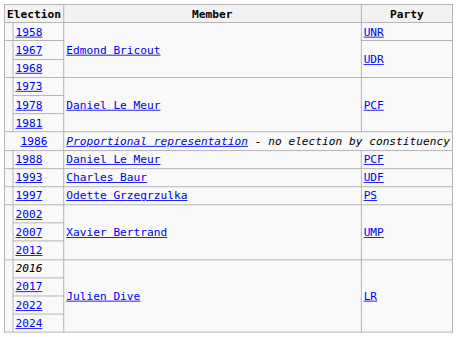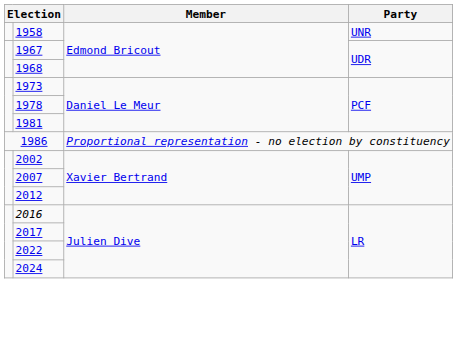 <table class="wikitable">
 <tr>
 <th colspan="2">Election</th>
 <th>Member</th>
 <th>Party</th>
 </tr>
 <tr>
 <td style="color:inherit;background-color: "></td>
 <td><a href='#'>1958</a></td>
 <td rowspan="3"><a href='#'>Edmond Bricout</a></td>
 <td><a href='#'>UNR</a></td>
 </tr>
 <tr>
 <td rowspan="2" style="color:inherit;background-color: "></td>
 <td><a href='#'>1967</a></td>
 <td rowspan="2"><a href='#'>UDR</a></td>
 </tr>
 <tr>
 <td><a href='#'>1968</a></td>
 </tr>
 <tr>
 <td rowspan="3" style="color:inherit;background-color: "></td>
 <td><a href='#'>1973</a></td>
 <td rowspan="3"><a href='#'>Daniel Le Meur</a></td>
 <td rowspan="3"><a href='#'>PCF</a></td>
 </tr>
 <tr>
 <td><a href='#'>1978</a></td>
 </tr>
 <tr>
 <td><a href='#'>1981</a></td>
 </tr>
 <tr>
 <td colspan="2" align="center"><a href='#'>1986</a></td>
 <td colspan="2"><em><a href='#'>Proportional representation</a> - no election by constituency</em></td>
 </tr>
 <tr>
-<td style="color:inherit;background-color: "></td>
-<td><a href='#'>1988</a></td>
-<td><a href='#'>Daniel Le Meur</a></td>
-<td><a href='#'>PCF</a></td>
-</tr>
-<tr>
-<td style="color:inherit;background-color: "></td>
-<td><a href='#'>1993</a></td>
-<td><a href='#'>Charles Baur</a></td>
-<td><a href='#'>UDF</a></td>
-</tr>
-<tr>
-<td style="color:inherit;background-color: "></td>
-<td><a href='#'>1997</a></td>
-<td><a href='#'>Odette Grzegrzulka</a></td>
-<td><a href='#'>PS</a></td>
-</tr>
-<tr>
 <td rowspan="3" style="color:inherit;background-color: "></td>
 <td><a href='#'>2002</a></td>
 <td rowspan="3"><a href='#'>Xavier Bertrand</a></td>
 <td rowspan="3"><a href='#'>UMP</a></td>
 </tr>
 <tr>
 <td><a href='#'>2007</a></td>
 </tr>
 <tr>
 <td><a href='#'>2012</a></td>
 </tr>
 <tr>
 <td rowspan="4" style="color:inherit;background-color: "></td>
 <td><em>2016</em></td>
 <td rowspan="4"><a href='#'>Julien Dive</a></td>
 <td rowspan="4"><a href='#'>LR</a></td>
 </tr>
 <tr>
 <td><a href='#'>2017</a></td>
 </tr>
 <tr>
 <td><a href='#'>2022</a></td>
 </tr>
 <tr>
 <td><a href='#'>2024</a></td>
 </tr>
 </table>
